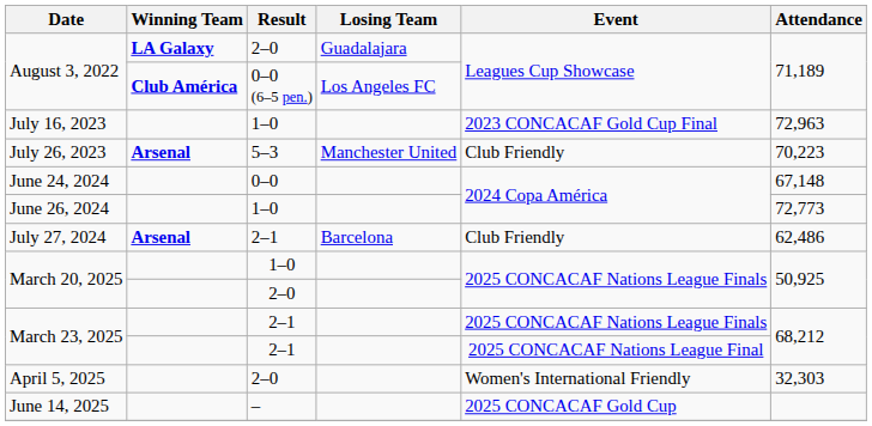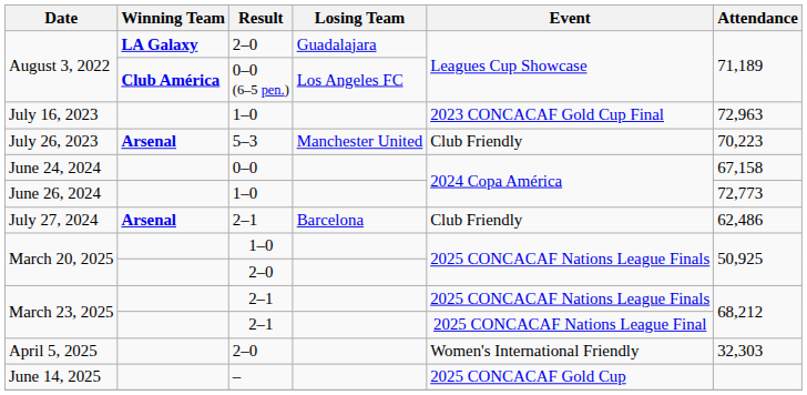 <table class="wikitable mw-collapsible" style=font-size:100% style="text-align:center">
 <tr>
 <th style="text-align:center;">Date</th>
 <th style="text-align:center;">Winning Team</th>
 <th style="text-align:center;">Result</th>
 <th style="text-align:center;">Losing Team</th>
 <th style="text-align:center;">Event</th>
 <th style="text-align:center;">Attendance</th>
 </tr>
 <tr>
 <td rowspan="2">August 3, 2022</td>
 <td><strong><a href='#'>LA Galaxy</a> </strong></td>
 <td>2–0</td>
 <td> <a href='#'>Guadalajara</a></td>
 <td rowspan="2"><a href='#'>Leagues Cup Showcase</a></td>
 <td rowspan="2">71,189</td>
 </tr>
 <tr>
 <td><strong><a href='#'>Club América</a> </strong></td>
 <td>0–0<br> <small>(6–5 <a href='#'>pen.</a>)</small></td>
 <td> <a href='#'>Los Angeles FC</a></td>
 </tr>
 <tr>
 <td>July 16, 2023</td>
 <td><strong></strong></td>
 <td>1–0</td>
 <td></td>
 <td><a href='#'>2023 CONCACAF Gold Cup Final</a></td>
 <td>72,963</td>
 </tr>
 <tr>
 <td>July 26, 2023</td>
 <td><strong><a href='#'>Arsenal</a></strong> </td>
 <td>5–3</td>
 <td> <a href='#'>Manchester United</a></td>
 <td>Club Friendly</td>
 <td>70,223</td>
 </tr>
 <tr>
 <td>June 24, 2024</td>
 <td></td>
 <td>0–0</td>
 <td></td>
 <td rowspan=2><a href='#'>2024 Copa América</a></td>
-<td>67,148</td>
+<td>67,158</td>
 </tr>
 <tr>
 <td>June 26, 2024</td>
 <td><strong></strong></td>
 <td>1–0</td>
 <td></td>
 <td>72,773</td>
 </tr>
 <tr>
 <td>July 27, 2024</td>
 <td><strong><a href='#'>Arsenal</a> </strong></td>
 <td>2–1</td>
 <td> <a href='#'>Barcelona</a></td>
 <td>Club Friendly</td>
 <td>62,486</td>
 </tr>
 <tr>
 <td rowspan="2">March 20, 2025</td>
 <td><strong></strong></td>
 <td style="text-align:center;">1–0</td>
 <td></td>
 <td rowspan="2"><a href='#'>2025 CONCACAF Nations League Finals</a></td>
 <td rowspan="2">50,925</td>
 </tr>
 <tr>
 <td><strong></strong></td>
 <td style="text-align:center;">2–0</td>
 <td></td>
 </tr>
 <tr>
 <td rowspan="2">March 23, 2025</td>
 <td><strong></strong></td>
 <td style="text-align:center;">2–1</td>
 <td></td>
 <td style="text-align:center;"><a href='#'>2025 CONCACAF Nations League Finals</a></td>
 <td rowspan="2">68,212</td>
 </tr>
 <tr>
 <td><strong></strong></td>
 <td style="text-align:center;">2–1</td>
 <td></td>
 <td style="text-align:center;"><a href='#'>2025 CONCACAF Nations League Final</a></td>
 </tr>
 <tr>
 <td>April 5, 2025</td>
 <td><strong></strong></td>
 <td>2–0</td>
 <td></td>
 <td>Women's International Friendly</td>
 <td>32,303</td>
 </tr>
 <tr>
 <td>June 14, 2025</td>
 <td></td>
 <td>–</td>
 <td></td>
 <td><a href='#'>2025 CONCACAF Gold Cup</a></td>
 <td></td>
 </tr>
 <tr>
 </tr>
 </table>
